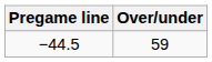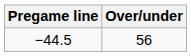 <table class="wikitable" style="margin-left: auto; margin-right: auto; border: none; display: inline-table;">
 <tr style="text-align:center">
 <th style=>Pregame line</th>
 <th style=>Over/under</th>
 </tr>
 <tr style="text-align:center">
 <td>−44.5</td>
-<td>59</td>
+<td>56</td>
 </tr>
 </table>
